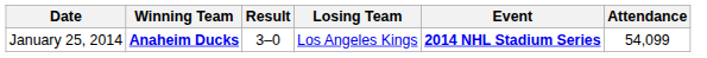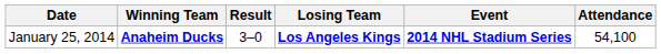 <table class="wikitable" align=center style="margin-left:15px; text-align:center; background:#ffffff;">
 <tr>
 <th style="text-align:center; ">Date</th>
 <th style="text-align:center; ">Winning Team</th>
 <th style="text-align:center; ">Result</th>
 <th style="text-align:center; ">Losing Team</th>
 <th style="text-align:center; ">Event</th>
 <th style="text-align:center; ">Attendance</th>
 </tr>
 <tr>
 <td>January 25, 2014</td>
 <td><strong><a href='#'>Anaheim Ducks</a></strong></td>
 <td>3–0</td>
-<td><a href='#'>Los Angeles Kings</a></td>
+<td><strong><a href='#'>Los Angeles Kings</a></strong></td>
 <td><strong><a href='#'>2014 NHL Stadium Series</a></strong></td>
-<td>54,099</td>
+<td>54,100</td>
 </tr>
 </table>
